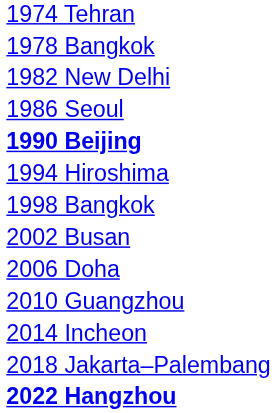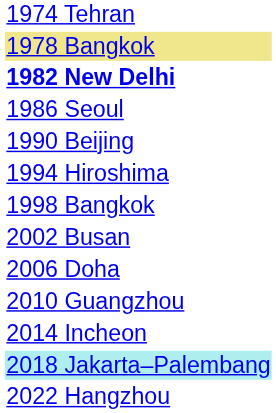 <table>
 <tr>
 <td><a href='#'>1974 Tehran</a></td>
 <td></td>
 <td></td>
 <td></td>
 </tr>
 <tr>
-<td><a href='#'>1978 Bangkok</a></td>
+<td style="background: khaki;"><a href='#'>1978 Bangkok</a></td>
 <td></td>
 <td></td>
 <td></td>
 </tr>
 <tr>
-<td><a href='#'>1982 New Delhi</a></td>
+<td><strong><a href='#'>1982 New Delhi</a></strong></td>
 <td></td>
 <td></td>
 <td></td>
 </tr>
 <tr>
 <td><a href='#'>1986 Seoul</a></td>
 <td></td>
 <td></td>
 <td></td>
 </tr>
 <tr>
-<td><strong><a href='#'>1990 Beijing</a></strong></td>
+<td><a href='#'>1990 Beijing</a></td>
 <td></td>
 <td></td>
 <td></td>
 </tr>
 <tr>
 <td><a href='#'>1994 Hiroshima</a></td>
 <td></td>
 <td></td>
 <td></td>
 </tr>
 <tr>
 <td rowspan=2><a href='#'>1998 Bangkok</a></td>
 <td rowspan=2></td>
 <td rowspan=2></td>
 <td></td>
 </tr>
 <tr>
 <td></td>
 </tr>
 <tr>
 <td><a href='#'>2002 Busan</a></td>
 <td></td>
 <td></td>
 <td></td>
 </tr>
 <tr>
 <td><a href='#'>2006 Doha</a></td>
 <td></td>
 <td></td>
 <td></td>
 </tr>
 <tr>
 <td><a href='#'>2010 Guangzhou</a></td>
 <td></td>
 <td></td>
 <td></td>
 </tr>
 <tr>
 <td><a href='#'>2014 Incheon</a></td>
 <td></td>
 <td></td>
 <td></td>
 </tr>
 <tr>
-<td><a href='#'>2018 Jakarta–Palembang</a></td>
+<td style="background: paleturquoise;"><a href='#'>2018 Jakarta–Palembang</a></td>
 <td></td>
 <td></td>
 <td></td>
 </tr>
 <tr>
-<td><strong><a href='#'>2022 Hangzhou</a></strong></td>
+<td><a href='#'>2022 Hangzhou</a></td>
 <td></td>
 <td></td>
 <td></td>
 </tr>
 </table>
